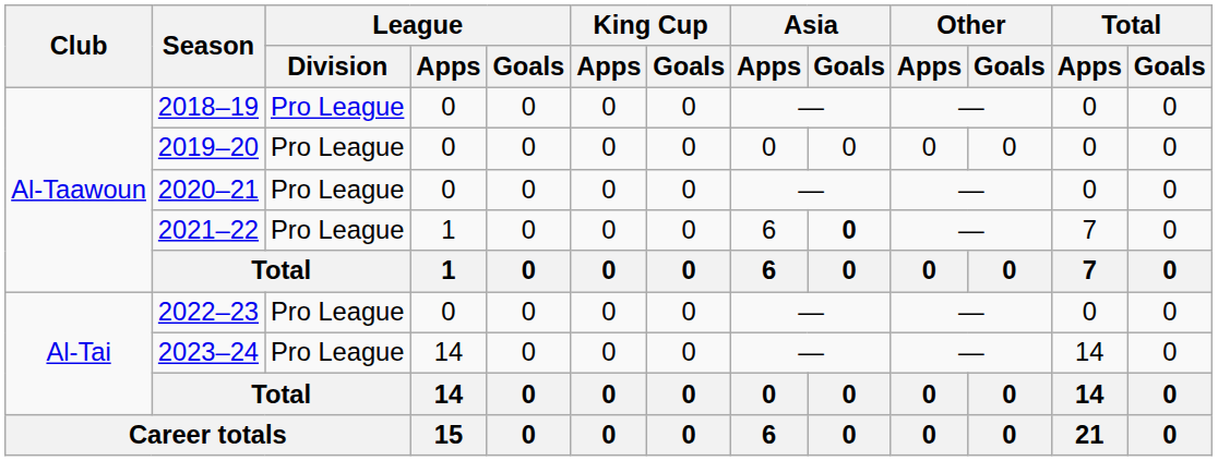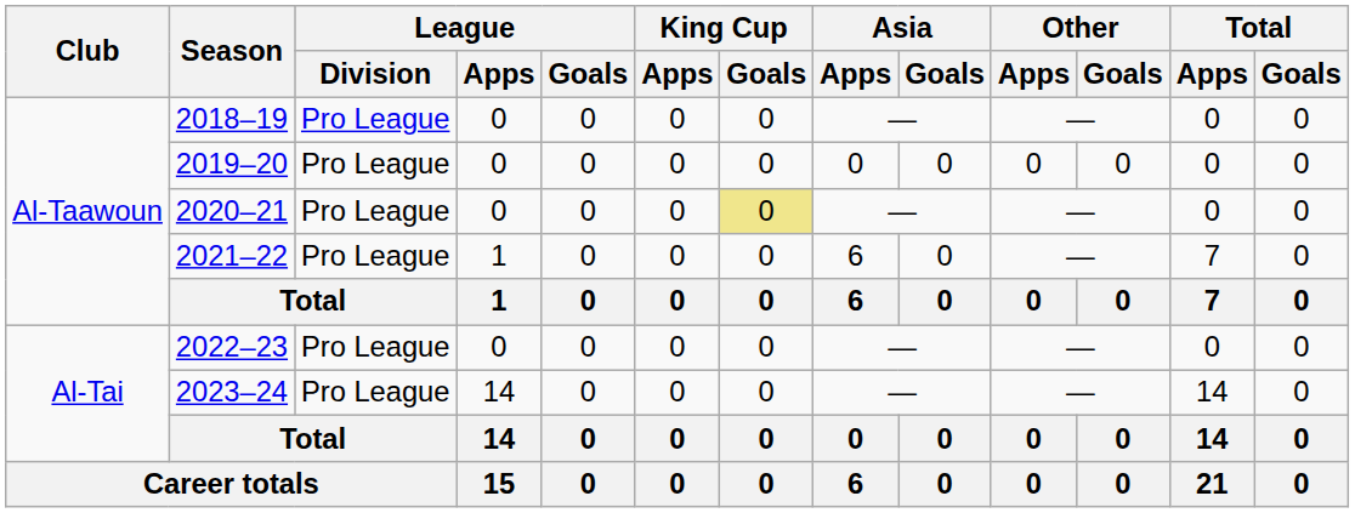 <table class="wikitable" style="text-align: center">
 <tr>
 <th rowspan=2>Club</th>
 <th rowspan=2>Season</th>
 <th colspan=3>League</th>
 <th colspan=2>King Cup</th>
 <th colspan=2>Asia</th>
 <th colspan=2>Other</th>
 <th colspan=2>Total</th>
 </tr>
 <tr>
 <th>Division</th>
 <th>Apps</th>
 <th>Goals</th>
 <th>Apps</th>
 <th>Goals</th>
 <th>Apps</th>
 <th>Goals</th>
 <th>Apps</th>
 <th>Goals</th>
 <th>Apps</th>
 <th>Goals</th>
 </tr>
 <tr>
 <td rowspan=5><a href='#'>Al-Taawoun</a></td>
 <td><a href='#'>2018–19</a></td>
 <td><a href='#'>Pro League</a></td>
 <td>0</td>
 <td>0</td>
 <td>0</td>
 <td>0</td>
 <td colspan=2>—</td>
 <td colspan=2>—</td>
 <td>0</td>
 <td>0</td>
 </tr>
 <tr>
 <td><a href='#'>2019–20</a></td>
 <td>Pro League</td>
 <td>0</td>
 <td>0</td>
 <td>0</td>
 <td>0</td>
 <td>0</td>
 <td>0</td>
 <td>0</td>
 <td>0</td>
 <td>0</td>
 <td>0</td>
 </tr>
 <tr>
 <td><a href='#'>2020–21</a></td>
 <td>Pro League</td>
 <td>0</td>
 <td>0</td>
 <td>0</td>
-<td>0</td>
+<td style="background: khaki;">0</td>
 <td colspan=2>—</td>
 <td colspan=2>—</td>
 <td>0</td>
 <td>0</td>
 </tr>
 <tr>
 <td><a href='#'>2021–22</a></td>
 <td>Pro League</td>
 <td>1</td>
 <td>0</td>
 <td>0</td>
 <td>0</td>
 <td>6</td>
-<td><strong>0</strong></td>
+<td>0</td>
 <td colspan=2>—</td>
 <td>7</td>
 <td>0</td>
 </tr>
 <tr>
 <th colspan="2">Total</th>
 <th>1</th>
 <th>0</th>
 <th>0</th>
 <th>0</th>
 <th>6</th>
 <th>0</th>
 <th>0</th>
 <th>0</th>
 <th>7</th>
 <th>0</th>
 </tr>
 <tr>
 <td rowspan=3><a href='#'>Al-Tai</a></td>
 <td><a href='#'>2022–23</a></td>
 <td>Pro League</td>
 <td>0</td>
 <td>0</td>
 <td>0</td>
 <td>0</td>
 <td colspan=2>—</td>
 <td colspan=2>—</td>
 <td>0</td>
 <td>0</td>
 </tr>
 <tr>
 <td><a href='#'>2023–24</a></td>
 <td>Pro League</td>
 <td>14</td>
 <td>0</td>
 <td>0</td>
 <td>0</td>
 <td colspan=2>—</td>
 <td colspan=2>—</td>
 <td>14</td>
 <td>0</td>
 </tr>
 <tr>
 <th colspan="2">Total</th>
 <th>14</th>
 <th>0</th>
 <th>0</th>
 <th>0</th>
 <th>0</th>
 <th>0</th>
 <th>0</th>
 <th>0</th>
 <th>14</th>
 <th>0</th>
 </tr>
 <tr>
 <th colspan=3>Career totals</th>
 <th>15</th>
 <th>0</th>
 <th>0</th>
 <th>0</th>
 <th>6</th>
 <th>0</th>
 <th>0</th>
 <th>0</th>
 <th>21</th>
 <th>0</th>
 </tr>
 </table>
